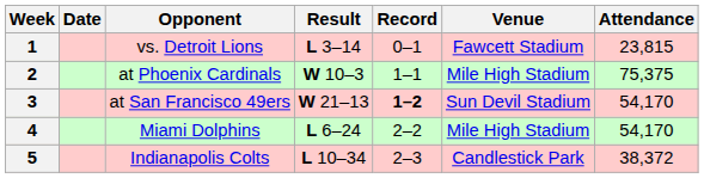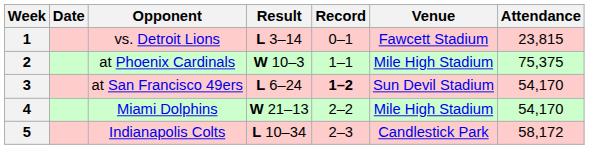 <table class="wikitable" style="text-align:center">
 <tr>
 <th>Week</th>
 <th>Date</th>
 <th>Opponent</th>
 <th>Result</th>
 <th>Record</th>
 <th>Venue</th>
 <th>Attendance</th>
 </tr>
 <tr style="background:#fcc">
 <th>1</th>
 <td></td>
 <td>vs. <a href='#'>Detroit Lions</a></td>
 <td><strong>L</strong> 3–14</td>
 <td>0–1</td>
 <td><a href='#'>Fawcett Stadium</a></td>
 <td>23,815</td>
 </tr>
 <tr style="background:#cfc">
 <th>2</th>
 <td></td>
 <td>at <a href='#'>Phoenix Cardinals</a></td>
 <td><strong>W</strong> 10–3</td>
 <td>1–1</td>
 <td><a href='#'>Mile High Stadium</a></td>
 <td>75,375</td>
 </tr>
 <tr style="background:#fcc">
 <th>3</th>
 <td></td>
 <td>at <a href='#'>San Francisco 49ers</a></td>
-<td><strong>W</strong> 21–13</td>
+<td><strong>L</strong> 6–24</td>
 <td><strong>1–2</strong></td>
 <td><a href='#'>Sun Devil Stadium</a></td>
 <td>54,170</td>
 </tr>
 <tr style="background:#cfc">
 <th>4</th>
 <td></td>
 <td><a href='#'>Miami Dolphins</a></td>
-<td><strong>L</strong> 6–24</td>
+<td><strong>W</strong> 21–13</td>
 <td>2–2</td>
 <td><a href='#'>Mile High Stadium</a></td>
 <td>54,170</td>
 </tr>
 <tr style="background:#fcc">
 <th>5</th>
 <td></td>
 <td><a href='#'>Indianapolis Colts</a></td>
 <td><strong>L</strong> 10–34</td>
 <td>2–3</td>
 <td><a href='#'>Candlestick Park</a></td>
-<td>38,372</td>
+<td>58,172</td>
 </tr>
 </table>
